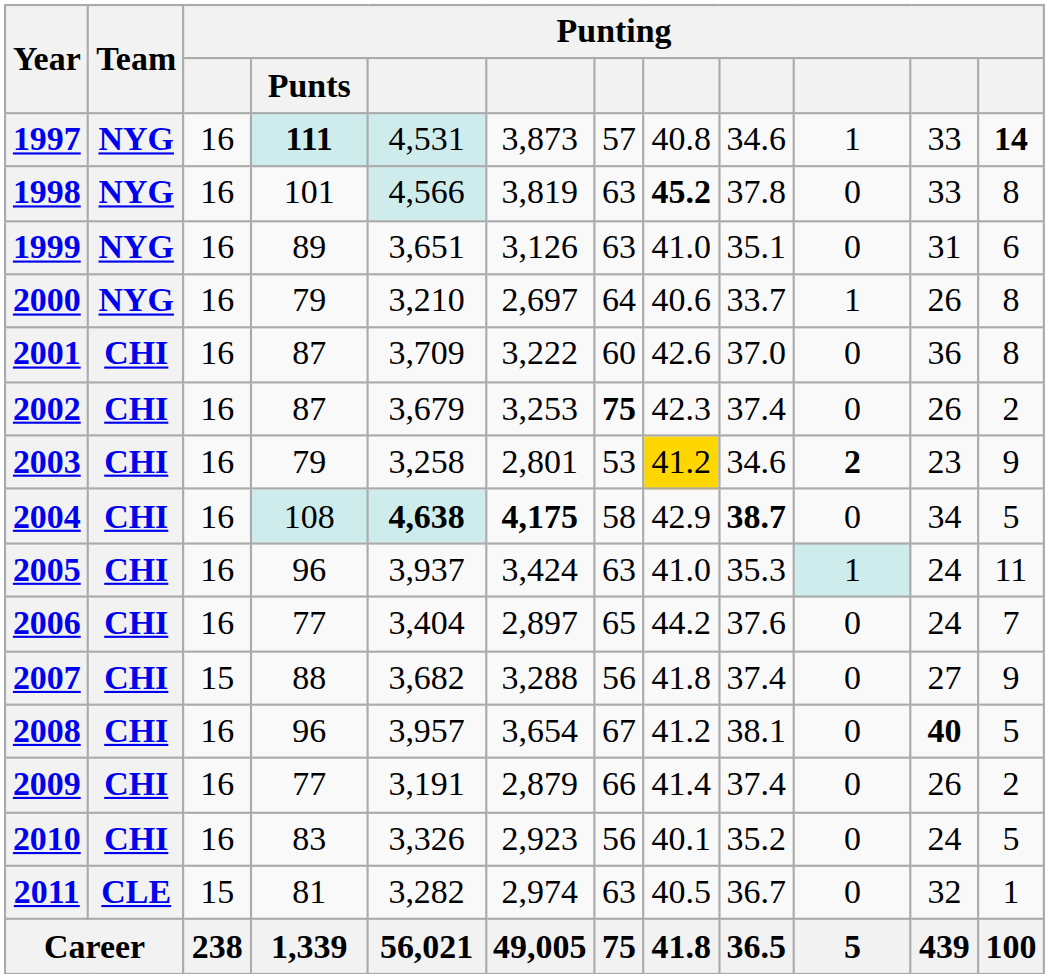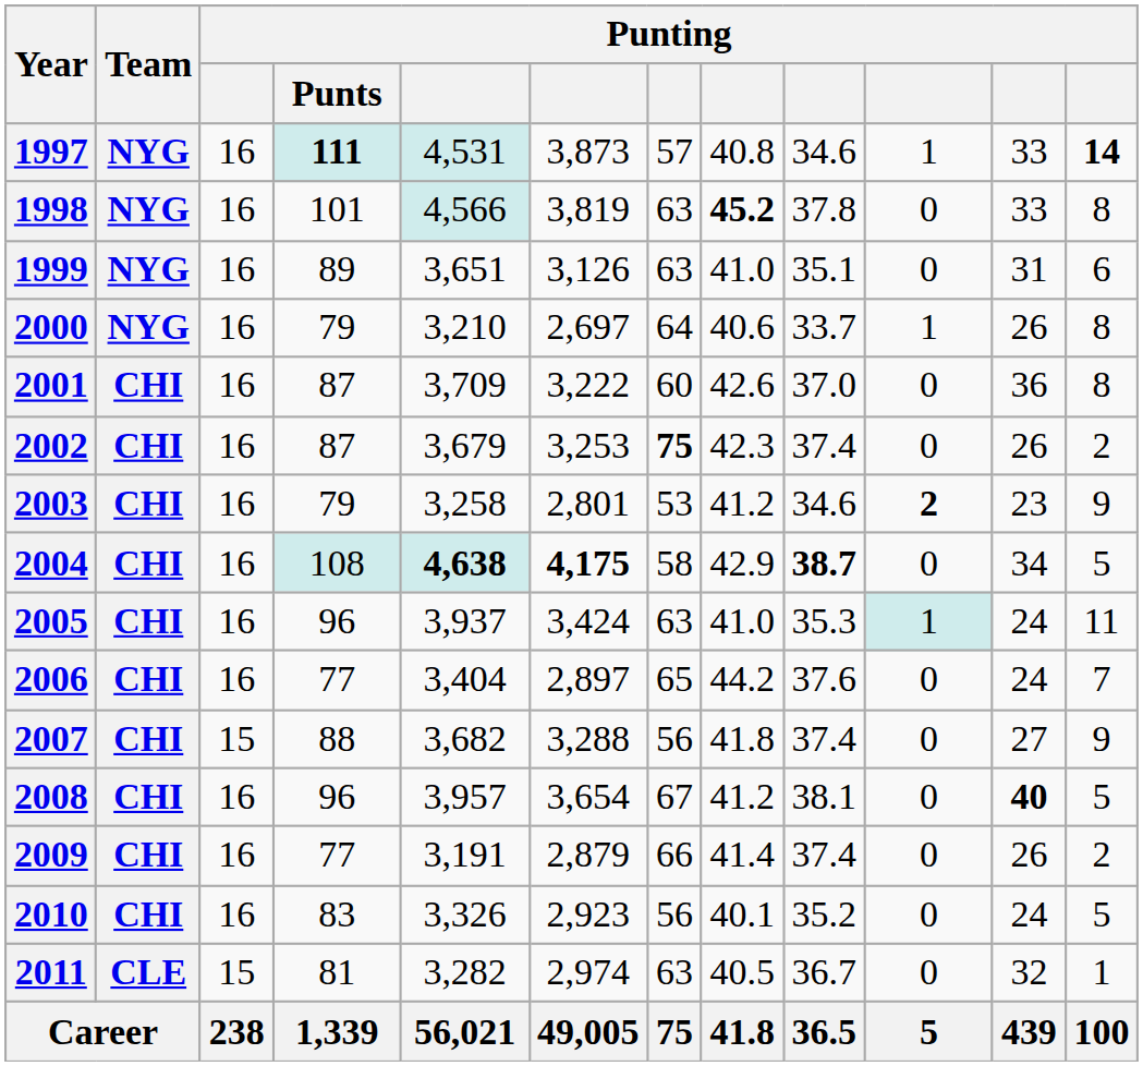 <table class=wikitable style="text-align:center;">
 <tr>
 <th rowspan="2">Year</th>
 <th rowspan="2">Team</th>
 <th colspan="10">Punting</th>
 </tr>
 <tr>
 <th></th>
 <th>Punts</th>
 <th></th>
 <th></th>
 <th></th>
 <th></th>
 <th></th>
 <th></th>
 <th></th>
 <th></th>
 </tr>
 <tr>
 <th><a href='#'>1997</a></th>
 <th><a href='#'>NYG</a></th>
 <td>16</td>
 <td style="background:#cfecec; width:3em;"><strong>111</strong></td>
 <td style="background:#cfecec; width:3em;">4,531</td>
 <td>3,873</td>
 <td>57</td>
 <td>40.8</td>
 <td>34.6</td>
 <td>1</td>
 <td>33</td>
 <td><strong>14</strong></td>
 </tr>
 <tr>
 <th><a href='#'>1998</a></th>
 <th><a href='#'>NYG</a></th>
 <td>16</td>
 <td>101</td>
 <td style="background:#cfecec; width:3em;">4,566</td>
 <td>3,819</td>
 <td>63</td>
 <td><strong>45.2</strong></td>
 <td>37.8</td>
 <td>0</td>
 <td>33</td>
 <td>8</td>
 </tr>
 <tr>
 <th><a href='#'>1999</a></th>
 <th><a href='#'>NYG</a></th>
 <td>16</td>
 <td>89</td>
 <td>3,651</td>
 <td>3,126</td>
 <td>63</td>
 <td>41.0</td>
 <td>35.1</td>
 <td>0</td>
 <td>31</td>
 <td>6</td>
 </tr>
 <tr>
 <th><a href='#'>2000</a></th>
 <th><a href='#'>NYG</a></th>
 <td>16</td>
 <td>79</td>
 <td>3,210</td>
 <td>2,697</td>
 <td>64</td>
 <td>40.6</td>
 <td>33.7</td>
 <td>1</td>
 <td>26</td>
 <td>8</td>
 </tr>
 <tr>
 <th><a href='#'>2001</a></th>
 <th><a href='#'>CHI</a></th>
 <td>16</td>
 <td>87</td>
 <td>3,709</td>
 <td>3,222</td>
 <td>60</td>
 <td>42.6</td>
 <td>37.0</td>
 <td>0</td>
 <td>36</td>
 <td>8</td>
 </tr>
 <tr>
 <th><a href='#'>2002</a></th>
 <th><a href='#'>CHI</a></th>
 <td>16</td>
 <td>87</td>
 <td>3,679</td>
 <td>3,253</td>
 <td><strong>75</strong></td>
 <td>42.3</td>
 <td>37.4</td>
 <td>0</td>
 <td>26</td>
 <td>2</td>
 </tr>
 <tr>
 <th><a href='#'>2003</a></th>
 <th><a href='#'>CHI</a></th>
 <td>16</td>
 <td>79</td>
 <td>3,258</td>
 <td>2,801</td>
 <td>53</td>
-<td style="background: gold;">41.2</td>
+<td>41.2</td>
 <td>34.6</td>
 <td><strong>2</strong></td>
 <td>23</td>
 <td>9</td>
 </tr>
 <tr>
 <th><a href='#'>2004</a></th>
 <th><a href='#'>CHI</a></th>
 <td>16</td>
 <td style="background:#cfecec; width:3em;">108</td>
 <td style="background:#cfecec; width:3em;"><strong>4,638</strong></td>
 <td><strong>4,175</strong></td>
 <td>58</td>
 <td>42.9</td>
 <td><strong>38.7</strong></td>
 <td>0</td>
 <td>34</td>
 <td>5</td>
 </tr>
 <tr>
 <th><a href='#'>2005</a></th>
 <th><a href='#'>CHI</a></th>
 <td>16</td>
 <td>96</td>
 <td>3,937</td>
 <td>3,424</td>
 <td>63</td>
 <td>41.0</td>
 <td>35.3</td>
 <td style="background:#cfecec; width:3em;">1</td>
 <td>24</td>
 <td>11</td>
 </tr>
 <tr>
 <th><a href='#'>2006</a></th>
 <th><a href='#'>CHI</a></th>
 <td>16</td>
 <td>77</td>
 <td>3,404</td>
 <td>2,897</td>
 <td>65</td>
 <td>44.2</td>
 <td>37.6</td>
 <td>0</td>
 <td>24</td>
 <td>7</td>
 </tr>
 <tr>
 <th><a href='#'>2007</a></th>
 <th><a href='#'>CHI</a></th>
 <td>15</td>
 <td>88</td>
 <td>3,682</td>
 <td>3,288</td>
 <td>56</td>
 <td>41.8</td>
 <td>37.4</td>
 <td>0</td>
 <td>27</td>
 <td>9</td>
 </tr>
 <tr>
 <th><a href='#'>2008</a></th>
 <th><a href='#'>CHI</a></th>
 <td>16</td>
 <td>96</td>
 <td>3,957</td>
 <td>3,654</td>
 <td>67</td>
 <td>41.2</td>
 <td>38.1</td>
 <td>0</td>
 <td><strong>40</strong></td>
 <td>5</td>
 </tr>
 <tr>
 <th><a href='#'>2009</a></th>
 <th><a href='#'>CHI</a></th>
 <td>16</td>
 <td>77</td>
 <td>3,191</td>
 <td>2,879</td>
 <td>66</td>
 <td>41.4</td>
 <td>37.4</td>
 <td>0</td>
 <td>26</td>
 <td>2</td>
 </tr>
 <tr>
 <th><a href='#'>2010</a></th>
 <th><a href='#'>CHI</a></th>
 <td>16</td>
 <td>83</td>
 <td>3,326</td>
 <td>2,923</td>
 <td>56</td>
 <td>40.1</td>
 <td>35.2</td>
 <td>0</td>
 <td>24</td>
 <td>5</td>
 </tr>
 <tr>
 <th><a href='#'>2011</a></th>
 <th><a href='#'>CLE</a></th>
 <td>15</td>
 <td>81</td>
 <td>3,282</td>
 <td>2,974</td>
 <td>63</td>
 <td>40.5</td>
 <td>36.7</td>
 <td>0</td>
 <td>32</td>
 <td>1</td>
 </tr>
 <tr>
 <th colspan="2">Career</th>
 <th>238</th>
 <th>1,339</th>
 <th>56,021</th>
 <th>49,005</th>
 <th>75</th>
 <th>41.8</th>
 <th>36.5</th>
 <th>5</th>
 <th>439</th>
 <th>100</th>
 </tr>
 </table>
